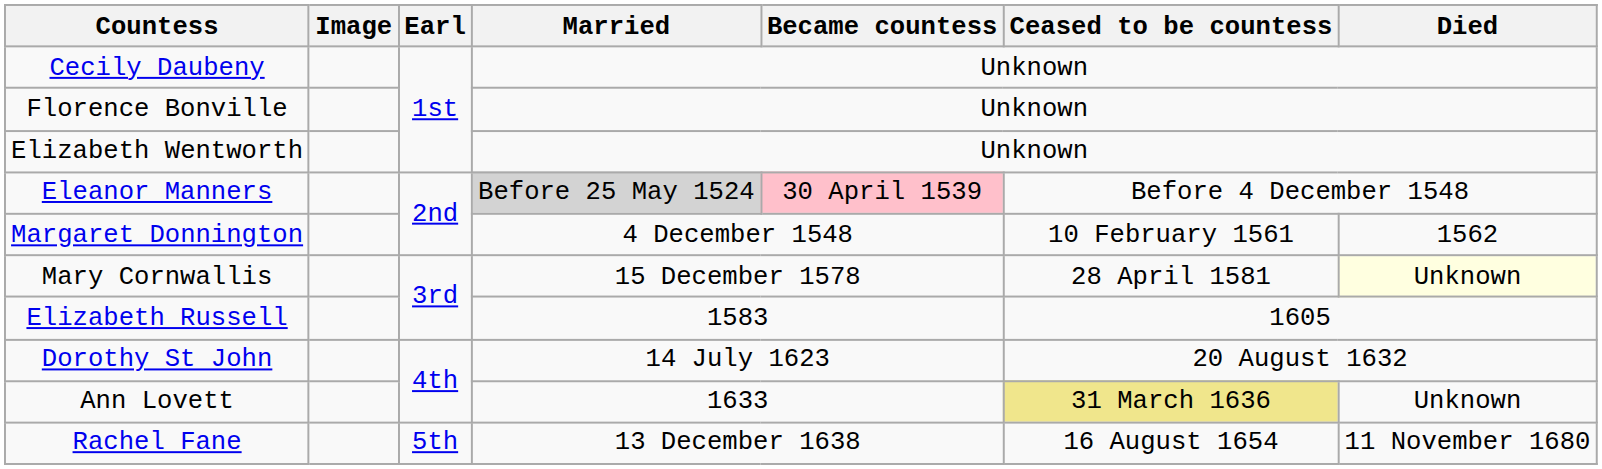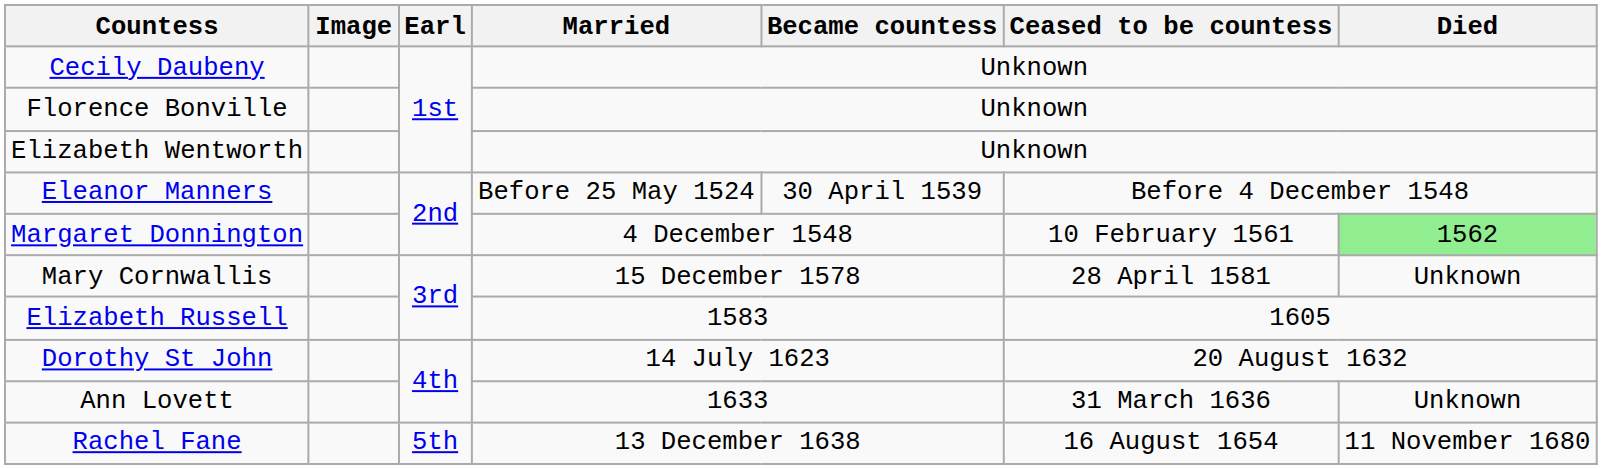 <table class="wikitable" style="text-align:center">
 <tr>
 <th>Countess</th>
 <th>Image</th>
 <th>Earl</th>
 <th>Married</th>
 <th>Became countess</th>
 <th>Ceased to be countess</th>
 <th>Died</th>
 </tr>
 <tr>
 <td><a href='#'>Cecily Daubeny</a></td>
 <td></td>
 <td rowspan=3><a href='#'>1st</a></td>
 <td colspan=4>Unknown</td>
 </tr>
 <tr>
 <td>Florence Bonville</td>
 <td></td>
 <td colspan=4>Unknown</td>
 </tr>
 <tr>
 <td>Elizabeth Wentworth</td>
 <td></td>
 <td colspan=4>Unknown</td>
 </tr>
 <tr>
 <td><a href='#'>Eleanor Manners</a></td>
 <td></td>
 <td rowspan=2><a href='#'>2nd</a></td>
-<td style="background: lightgrey;">Before 25 May 1524</td>
-<td style="background: pink;">30 April 1539</td>
+<td>Before 25 May 1524</td>
+<td>30 April 1539</td>
 <td colspan=2>Before 4 December 1548</td>
 </tr>
 <tr>
 <td><a href='#'>Margaret Donnington</a></td>
 <td></td>
 <td colspan=2>4 December 1548</td>
 <td>10 February 1561</td>
-<td>1562</td>
+<td style="background: lightgreen;">1562</td>
 </tr>
 <tr>
 <td>Mary Cornwallis</td>
 <td></td>
 <td rowspan=2><a href='#'>3rd</a></td>
 <td colspan=2>15 December 1578</td>
 <td>28 April 1581</td>
-<td style="background: lightyellow;">Unknown</td>
+<td>Unknown</td>
 </tr>
 <tr>
 <td><a href='#'>Elizabeth Russell</a></td>
 <td></td>
 <td colspan=2>1583</td>
 <td colspan=2>1605</td>
 </tr>
 <tr>
 <td><a href='#'>Dorothy St John</a></td>
 <td></td>
 <td rowspan=2><a href='#'>4th</a></td>
 <td colspan=2>14 July 1623</td>
 <td colspan=2>20 August 1632</td>
 </tr>
 <tr>
 <td>Ann Lovett</td>
 <td></td>
 <td colspan=2>1633</td>
-<td style="background: khaki;">31 March 1636</td>
+<td>31 March 1636</td>
 <td>Unknown</td>
 </tr>
 <tr>
 <td><a href='#'>Rachel Fane</a></td>
 <td></td>
 <td><a href='#'>5th</a></td>
 <td colspan=2>13 December 1638</td>
 <td>16 August 1654</td>
 <td>11 November 1680</td>
 </tr>
 </table>
